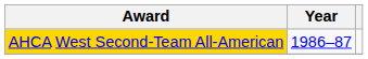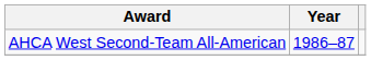 <table class="wikitable">
 <tr>
 <th>Award</th>
 <th>Year</th>
 <th></th>
 </tr>
 <tr>
-<td style="background: gold;"><a href='#'>AHCA</a> <a href='#'>West Second-Team All-American</a></td>
+<td><a href='#'>AHCA</a> <a href='#'>West Second-Team All-American</a></td>
 <td><a href='#'>1986–87</a></td>
 <td></td>
 </tr>
 <tr>
 </tr>
 </table>
